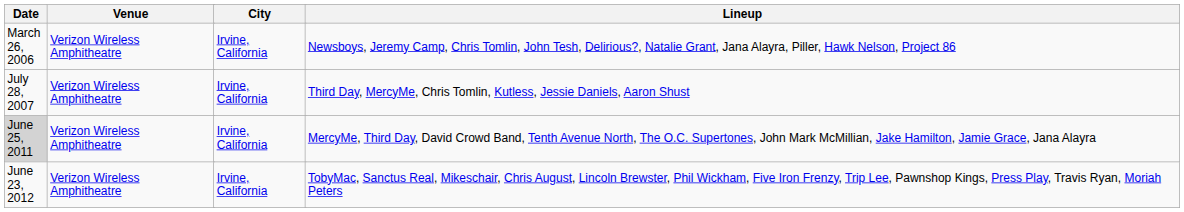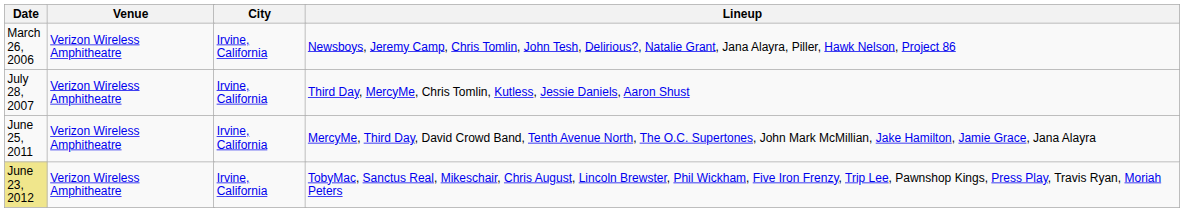 <table class="wikitable">
 <tr>
 <th width=50px>Date</th>
 <th colspan=12>Venue</th>
 <th colspan=12>City</th>
 <th colspan=12>Lineup</th>
 </tr>
 <tr>
 <td>March 26, 2006</td>
 <td colspan=12><a href='#'>Verizon Wireless Amphitheatre</a></td>
 <td colspan=12><a href='#'>Irvine, California</a></td>
 <td colspan=12><a href='#'>Newsboys</a>, <a href='#'>Jeremy Camp</a>, <a href='#'>Chris Tomlin</a>, <a href='#'>John Tesh</a>, <a href='#'>Delirious?</a>, <a href='#'>Natalie Grant</a>, Jana Alayra, Piller, <a href='#'>Hawk Nelson</a>, <a href='#'>Project 86</a></td>
 </tr>
 <tr>
 <td>July 28, 2007</td>
 <td colspan=12><a href='#'>Verizon Wireless Amphitheatre</a></td>
 <td colspan=12><a href='#'>Irvine, California</a></td>
 <td colspan=12><a href='#'>Third Day</a>, <a href='#'>MercyMe</a>, Chris Tomlin, <a href='#'>Kutless</a>, <a href='#'>Jessie Daniels</a>, <a href='#'>Aaron Shust</a></td>
 </tr>
 <tr>
-<td style="background: lightgrey;">June 25, 2011</td>
+<td>June 25, 2011</td>
 <td colspan=12><a href='#'>Verizon Wireless Amphitheatre</a></td>
 <td colspan=12><a href='#'>Irvine, California</a></td>
 <td colspan=12><a href='#'>MercyMe</a>, <a href='#'>Third Day</a>, David Crowd Band, <a href='#'>Tenth Avenue North</a>, <a href='#'>The O.C. Supertones</a>, John Mark McMillian, <a href='#'>Jake Hamilton</a>, <a href='#'>Jamie Grace</a>, Jana Alayra</td>
 </tr>
 <tr>
-<td>June 23, 2012</td>
+<td style="background: khaki;">June 23, 2012</td>
 <td colspan=12><a href='#'>Verizon Wireless Amphitheatre</a></td>
 <td colspan=12><a href='#'>Irvine, California</a></td>
 <td colspan=12><a href='#'>TobyMac</a>, <a href='#'>Sanctus Real</a>, <a href='#'>Mikeschair</a>, <a href='#'>Chris August</a>, <a href='#'>Lincoln Brewster</a>, <a href='#'>Phil Wickham</a>, <a href='#'>Five Iron Frenzy</a>, <a href='#'>Trip Lee</a>, Pawnshop Kings, <a href='#'>Press Play</a>, Travis Ryan, <a href='#'>Moriah Peters</a></td>
 </tr>
 </table>
